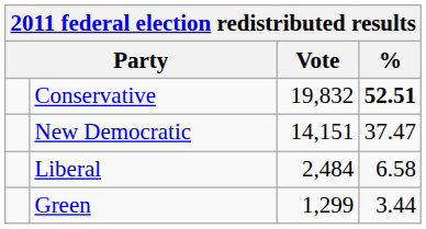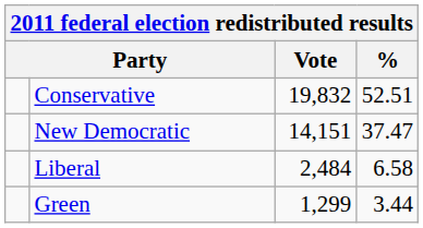 <table class="wikitable">
 <tr>
 <th colspan="4"><a href='#'>2011 federal election</a> redistributed results</th>
 </tr>
 <tr>
 <th bgcolor="#DDDDFF" width="130px" colspan="2">Party</th>
 <th bgcolor="#DDDDFF" width="50px">Vote</th>
 <th bgcolor="#DDDDFF" width="30px">%</th>
 </tr>
 <tr>
 <td> </td>
 <td><a href='#'>Conservative</a></td>
 <td align=right>19,832</td>
-<td align=right><strong>52.51</strong></td>
+<td align=right>52.51</td>
 </tr>
 <tr>
 <td> </td>
 <td><a href='#'>New Democratic</a></td>
 <td align=right>14,151</td>
 <td align=right>37.47</td>
 </tr>
 <tr>
 <td> </td>
 <td><a href='#'>Liberal</a></td>
 <td align=right>2,484</td>
 <td align=right>6.58</td>
 </tr>
 <tr>
 <td> </td>
 <td><a href='#'>Green</a></td>
 <td align=right>1,299</td>
 <td align=right>3.44</td>
 </tr>
 </table>
